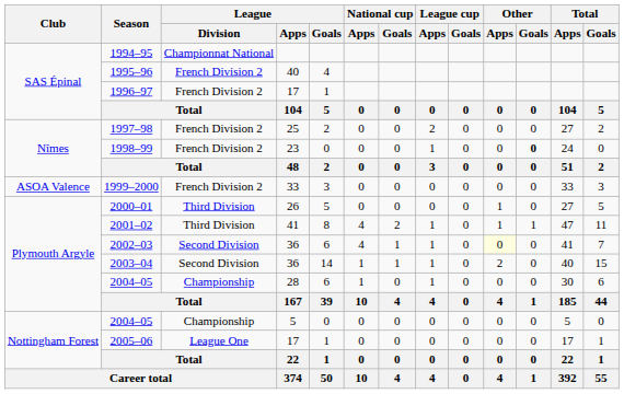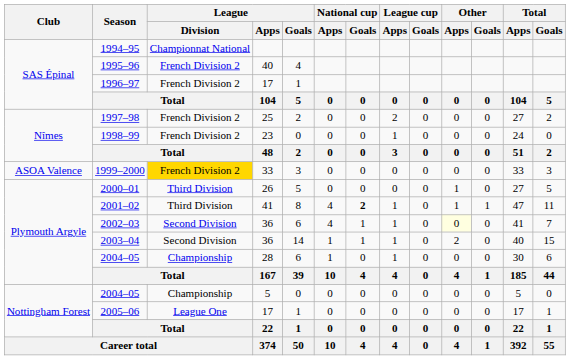 <table class="wikitable" style="text-align:center">
 <tr>
 <th rowspan="2">Club</th>
 <th rowspan="2">Season</th>
 <th colspan="3">League</th>
 <th colspan="2">National cup</th>
 <th colspan="2">League cup</th>
 <th colspan="2">Other</th>
 <th colspan="2">Total</th>
 </tr>
 <tr>
 <th>Division</th>
 <th>Apps</th>
 <th>Goals</th>
 <th>Apps</th>
 <th>Goals</th>
 <th>Apps</th>
 <th>Goals</th>
 <th>Apps</th>
 <th>Goals</th>
 <th>Apps</th>
 <th>Goals</th>
 </tr>
 <tr>
 <td rowspan="4"><a href='#'>SAS Épinal</a></td>
 <td><a href='#'>1994–95</a></td>
 <td><a href='#'>Championnat National</a></td>
 <td></td>
 <td></td>
 <td></td>
 <td></td>
 <td></td>
 <td></td>
 <td></td>
 <td></td>
 <td></td>
 <td></td>
 </tr>
 <tr>
 <td><a href='#'>1995–96</a></td>
 <td><a href='#'>French Division 2</a></td>
 <td>40</td>
 <td>4</td>
 <td></td>
 <td></td>
 <td></td>
 <td></td>
 <td></td>
 <td></td>
 <td></td>
 <td></td>
 </tr>
 <tr>
 <td><a href='#'>1996–97</a></td>
 <td>French Division 2</td>
 <td>17</td>
 <td>1</td>
 <td></td>
 <td></td>
 <td></td>
 <td></td>
 <td></td>
 <td></td>
 <td></td>
 <td></td>
 </tr>
 <tr>
 <th colspan="2">Total</th>
 <th>104</th>
 <th>5</th>
 <th>0</th>
 <th>0</th>
 <th>0</th>
 <th>0</th>
 <th>0</th>
 <th>0</th>
 <th>104</th>
 <th>5</th>
 </tr>
 <tr>
 <td rowspan="3"><a href='#'>Nîmes</a></td>
 <td><a href='#'>1997–98</a></td>
 <td>French Division 2</td>
 <td>25</td>
 <td>2</td>
 <td>0</td>
 <td>0</td>
 <td>2</td>
 <td>0</td>
 <td>0</td>
 <td>0</td>
 <td>27</td>
 <td>2</td>
 </tr>
 <tr>
 <td><a href='#'>1998–99</a></td>
 <td>French Division 2</td>
 <td>23</td>
 <td>0</td>
 <td>0</td>
 <td>0</td>
 <td>1</td>
 <td>0</td>
 <td>0</td>
-<td><strong>0</strong></td>
+<td>0</td>
 <td>24</td>
 <td>0</td>
 </tr>
 <tr>
 <th colspan="2">Total</th>
 <th>48</th>
 <th>2</th>
 <th>0</th>
 <th>0</th>
 <th>3</th>
 <th>0</th>
 <th>0</th>
 <th>0</th>
 <th>51</th>
 <th>2</th>
 </tr>
 <tr>
 <td><a href='#'>ASOA Valence</a></td>
 <td><a href='#'>1999–2000</a></td>
-<td>French Division 2</td>
+<td style="background: gold;">French Division 2</td>
 <td>33</td>
 <td>3</td>
 <td>0</td>
 <td>0</td>
 <td>0</td>
 <td>0</td>
 <td>0</td>
 <td>0</td>
 <td>33</td>
 <td>3</td>
 </tr>
 <tr>
 <td rowspan="6"><a href='#'>Plymouth Argyle</a></td>
 <td><a href='#'>2000–01</a></td>
 <td><a href='#'>Third Division</a></td>
 <td>26</td>
 <td>5</td>
 <td>0</td>
 <td>0</td>
 <td>0</td>
 <td>0</td>
 <td>1</td>
 <td>0</td>
 <td>27</td>
 <td>5</td>
 </tr>
 <tr>
 <td><a href='#'>2001–02</a></td>
 <td>Third Division</td>
 <td>41</td>
 <td>8</td>
 <td>4</td>
-<td>2</td>
+<td><strong>2</strong></td>
 <td>1</td>
 <td>0</td>
 <td>1</td>
 <td>1</td>
 <td>47</td>
 <td>11</td>
 </tr>
 <tr>
 <td><a href='#'>2002–03</a></td>
 <td><a href='#'>Second Division</a></td>
 <td>36</td>
 <td>6</td>
 <td>4</td>
 <td>1</td>
 <td>1</td>
 <td>0</td>
 <td style="background: lightyellow;">0</td>
 <td>0</td>
 <td>41</td>
 <td>7</td>
 </tr>
 <tr>
 <td><a href='#'>2003–04</a></td>
 <td>Second Division</td>
 <td>36</td>
 <td>14</td>
 <td>1</td>
 <td>1</td>
 <td>1</td>
 <td>0</td>
 <td>2</td>
 <td>0</td>
 <td>40</td>
 <td>15</td>
 </tr>
 <tr>
 <td><a href='#'>2004–05</a></td>
 <td><a href='#'>Championship</a></td>
 <td>28</td>
 <td>6</td>
 <td>1</td>
 <td>0</td>
 <td>1</td>
 <td>0</td>
 <td>0</td>
 <td>0</td>
 <td>30</td>
 <td>6</td>
 </tr>
 <tr>
 <th colspan="2">Total</th>
 <th>167</th>
 <th>39</th>
 <th>10</th>
 <th>4</th>
 <th>4</th>
 <th>0</th>
 <th>4</th>
 <th>1</th>
 <th>185</th>
 <th>44</th>
 </tr>
 <tr>
 <td rowspan="3"><a href='#'>Nottingham Forest</a></td>
 <td><a href='#'>2004–05</a></td>
 <td>Championship</td>
 <td>5</td>
 <td>0</td>
 <td>0</td>
 <td>0</td>
 <td>0</td>
 <td>0</td>
 <td>0</td>
 <td>0</td>
 <td>5</td>
 <td>0</td>
 </tr>
 <tr>
 <td><a href='#'>2005–06</a></td>
 <td><a href='#'>League One</a></td>
 <td>17</td>
 <td>1</td>
 <td>0</td>
 <td>0</td>
 <td>0</td>
 <td>0</td>
 <td>0</td>
 <td>0</td>
 <td>17</td>
 <td>1</td>
 </tr>
 <tr>
 <th colspan="2">Total</th>
 <th>22</th>
 <th>1</th>
 <th>0</th>
 <th>0</th>
 <th>0</th>
 <th>0</th>
 <th>0</th>
 <th>0</th>
 <th>22</th>
 <th>1</th>
 </tr>
 <tr>
 <th colspan="3">Career total</th>
 <th>374</th>
 <th>50</th>
 <th>10</th>
 <th>4</th>
 <th>4</th>
 <th>0</th>
 <th>4</th>
 <th>1</th>
 <th>392</th>
 <th>55</th>
 </tr>
 </table>
